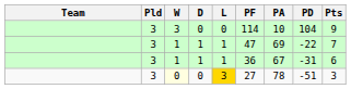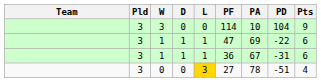 <table class="wikitable" style="text-align:center;">
 <tr>
 <th width=175>Team</th>
 <th width=25 abbr="Played">Pld</th>
 <th width=25 abbr="Won">W</th>
 <th width=25 abbr="Drawn">D</th>
 <th width=25 abbr="Lost">L</th>
 <th width=32 abbr="Points for">PF</th>
 <th width=32 abbr="Points against">PA</th>
 <th width=32 abbr="Points difference">PD</th>
 <th width=25 abbr="Points">Pts</th>
 </tr>
 <tr bgcolor=ccffcc>
 <td align=left></td>
 <td>3</td>
 <td>3</td>
 <td>0</td>
 <td>0</td>
 <td>114</td>
 <td>10</td>
 <td>104</td>
 <td>9</td>
 </tr>
 <tr bgcolor=ccffcc>
 <td align=left></td>
 <td>3</td>
 <td>1</td>
 <td>1</td>
 <td>1</td>
 <td>47</td>
 <td>69</td>
 <td>-22</td>
-<td>7</td>
+<td>6</td>
 </tr>
 <tr bgcolor=ccffcc>
 <td align=left></td>
 <td>3</td>
 <td>1</td>
 <td>1</td>
 <td>1</td>
 <td>36</td>
 <td>67</td>
 <td>-31</td>
 <td>6</td>
 </tr>
 <tr>
 <td align=left></td>
 <td>3</td>
-<td style="background: lightyellow;">0</td>
+<td>0</td>
 <td>0</td>
 <td style="background: gold;">3</td>
 <td>27</td>
 <td>78</td>
 <td>-51</td>
-<td>3</td>
+<td>4</td>
 </tr>
 </table>
